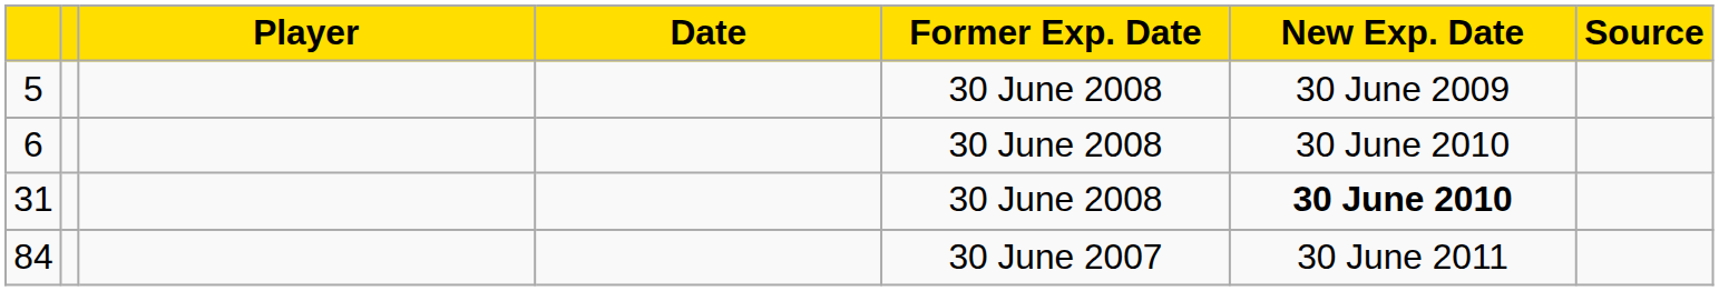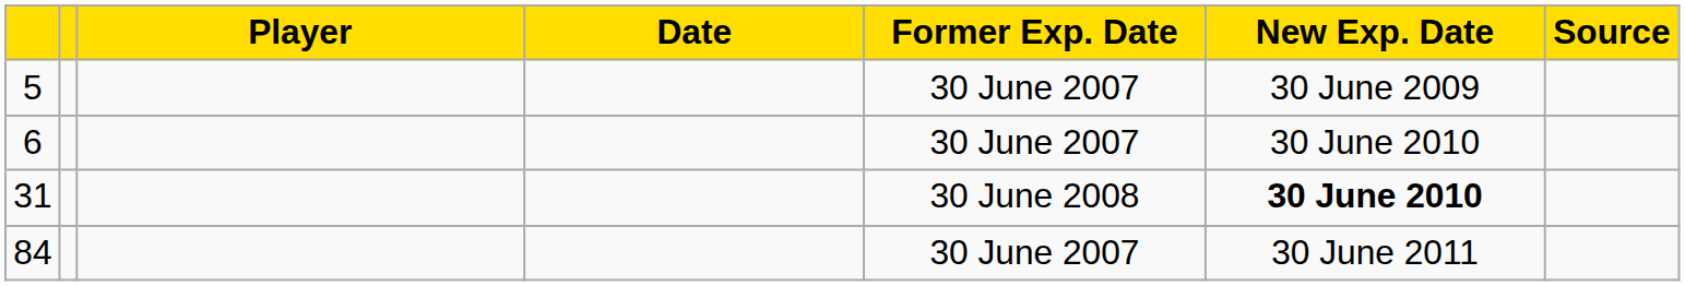 <table class="wikitable sortable">
 <tr>
 <th style="background:#FFDE00"></th>
 <th style="background:#FFDE00"></th>
 <th width=200 style="background:#FFDE00">Player</th>
 <th width=150 style="background:#FFDE00">Date</th>
 <th width=150 style="background:#FFDE00">Former Exp. Date</th>
 <th width=150 style="background:#FFDE00">New Exp. Date</th>
 <th style="background:#FFDE00">Source</th>
 </tr>
 <tr>
 <td align=center>5</td>
 <td align=center></td>
 <td></td>
 <td align=center></td>
-<td align=center>30 June 2008</td>
+<td align=center>30 June 2007</td>
 <td align=center>30 June 2009</td>
 <td align=center></td>
 </tr>
 <tr>
 <td align=center>6</td>
 <td align=center></td>
 <td></td>
 <td align=center></td>
-<td align=center>30 June 2008</td>
+<td align=center>30 June 2007</td>
 <td align=center>30 June 2010</td>
 <td align=center></td>
 </tr>
 <tr>
 <td align=center>31</td>
 <td align=center></td>
 <td></td>
 <td align=center></td>
 <td align=center>30 June 2008</td>
 <td align=center><strong>30 June 2010</strong></td>
 <td align=center></td>
 </tr>
 <tr>
 <td align=center>84</td>
 <td align=center></td>
 <td></td>
 <td align=center></td>
 <td align=center>30 June 2007</td>
 <td align=center>30 June 2011</td>
 <td align=center></td>
 </tr>
 </table>
